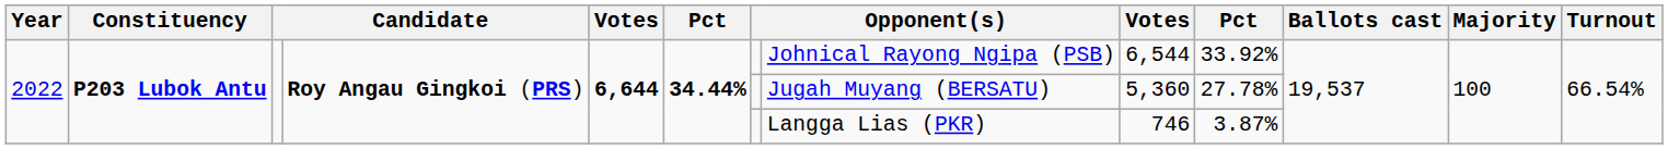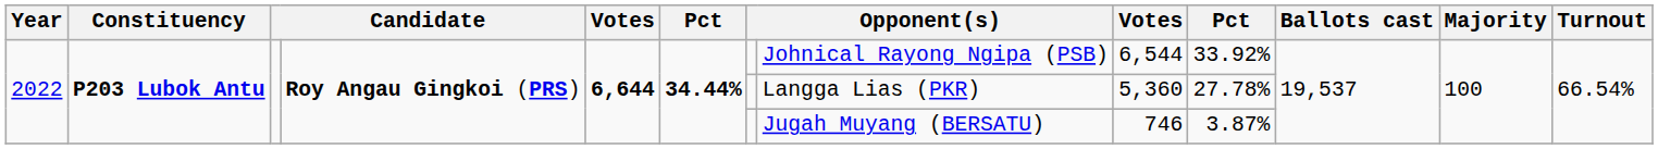 <table class="wikitable" style="margin:0.5em ; font-size:95%">
 <tr>
 <th>Year</th>
 <th>Constituency</th>
 <th colspan=2>Candidate</th>
 <th>Votes</th>
 <th>Pct</th>
 <th colspan=2>Opponent(s)</th>
 <th>Votes</th>
 <th>Pct</th>
 <th>Ballots cast</th>
 <th>Majority</th>
 <th>Turnout</th>
 </tr>
 <tr>
 <td rowspan=3><a href='#'>2022</a></td>
 <td rowspan=3><strong>P203 <a href='#'>Lubok Antu</a></strong></td>
 <td rowspan=3 ></td>
 <td rowspan=3><strong>Roy Angau Gingkoi</strong> (<a href='#'><strong>PRS</strong></a>)</td>
 <td rowspan=3 align=right><strong>6,644</strong></td>
 <td rowspan=3><strong>34.44%</strong></td>
 <td bgcolor=></td>
 <td><a href='#'>Johnical Rayong Ngipa</a> (<a href='#'>PSB</a>)</td>
 <td align=right>6,544</td>
 <td>33.92%</td>
 <td rowspan=3>19,537</td>
 <td rowspan=3>100</td>
 <td rowspan=3>66.54%</td>
 </tr>
 <tr>
 <td bgcolor=></td>
-<td><a href='#'>Jugah Muyang</a> (<a href='#'>BERSATU</a>)</td>
+<td>Langga Lias (<a href='#'>PKR</a>)</td>
 <td align=right>5,360</td>
 <td>27.78%</td>
 </tr>
 <tr>
 <td></td>
-<td>Langga Lias (<a href='#'>PKR</a>)</td>
+<td><a href='#'>Jugah Muyang</a> (<a href='#'>BERSATU</a>)</td>
 <td align=right>746</td>
 <td align=right>3.87%</td>
 </tr>
 </table>
